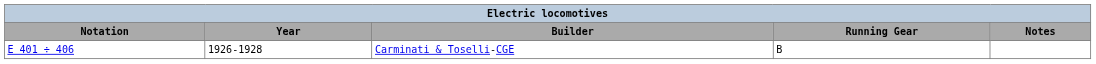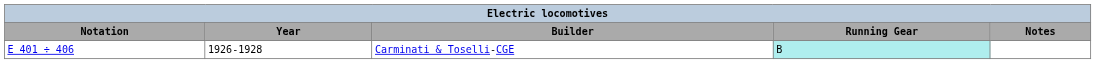 <table width="100%" cellpadding="3" cellspacing="0" border="1" style="border: gray solid 1px; border-collapse: collapse; font-size:90%">
 <tr bgcolor = "#BBCCDD">
 <th colspan = "5">Electric locomotives</th>
 </tr>
 <tr bgcolor="#AAAAAA">
 <th>Notation</th>
 <th>Year</th>
 <th>Builder</th>
 <th>Running Gear</th>
 <th>Notes</th>
 </tr>
 <tr>
 <td><a href='#'>E 401 ÷ 406</a></td>
 <td>1926-1928</td>
 <td><a href='#'>Carminati & Toselli</a>-<a href='#'>CGE</a></td>
-<td>B</td>
+<td style="background: paleturquoise;">B</td>
 <td></td>
 </tr>
 </table>
